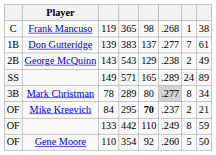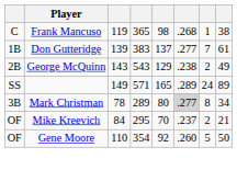 <table class="wikitable sortable">
 <tr>
 <th>  </th>
 <th>Player</th>
 <th></th>
 <th><small></small></th>
 <th></th>
 <th></th>
 <th></th>
 <th></th>
 </tr>
 <tr align="center">
 <td>C</td>
 <td><a href='#'>Frank Mancuso</a></td>
 <td>119</td>
 <td>365</td>
 <td>98</td>
 <td>.268</td>
 <td>1</td>
 <td>38</td>
 </tr>
 <tr align="center">
 <td>1B</td>
 <td><a href='#'>Don Gutteridge</a></td>
 <td>139</td>
 <td>383</td>
 <td>137</td>
 <td>.277</td>
 <td>7</td>
 <td>61</td>
 </tr>
 <tr align="center">
 <td>2B</td>
 <td><a href='#'>George McQuinn</a></td>
 <td>143</td>
 <td>543</td>
 <td>129</td>
 <td>.238</td>
 <td>2</td>
 <td>49</td>
 </tr>
 <tr align="center">
 <td>SS</td>
 <td></td>
 <td>149</td>
 <td>571</td>
 <td>165</td>
 <td>.289</td>
 <td>24</td>
 <td>89</td>
 </tr>
 <tr align="center">
 <td>3B</td>
 <td><a href='#'>Mark Christman</a></td>
 <td>78</td>
 <td>289</td>
 <td>80</td>
 <td style="background: lightgrey;">.277</td>
 <td>8</td>
 <td>34</td>
 </tr>
 <tr align="center">
 <td>OF</td>
 <td><a href='#'>Mike Kreevich</a></td>
 <td>84</td>
 <td>295</td>
-<td><strong>70</strong></td>
+<td>70</td>
 <td>.237</td>
 <td>2</td>
 <td>21</td>
-</tr>
-<tr align="center">
-<td>OF</td>
-<td></td>
-<td>133</td>
-<td>442</td>
-<td>110</td>
-<td>.249</td>
-<td>8</td>
-<td>59</td>
 </tr>
 <tr align="center">
 <td>OF</td>
 <td><a href='#'>Gene Moore</a></td>
 <td>110</td>
 <td>354</td>
 <td>92</td>
 <td>.260</td>
 <td>5</td>
 <td>50</td>
 </tr>
 </table>
